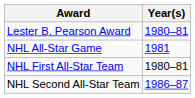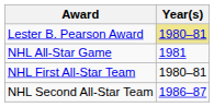 <table class="wikitable">
 <tr>
 <th>Award</th>
 <th>Year(s)</th>
 </tr>
 <tr>
 <td><a href='#'>Lester B. Pearson Award</a></td>
-<td><a href='#'>1980–81</a></td>
+<td style="background: khaki;"><a href='#'>1980–81</a></td>
 </tr>
 <tr>
 <td><a href='#'>NHL All-Star Game</a></td>
 <td><a href='#'>1981</a></td>
 </tr>
 <tr>
 <td><a href='#'>NHL First All-Star Team</a></td>
 <td>1980–81</td>
 </tr>
 <tr>
 <td>NHL Second All-Star Team</td>
 <td><a href='#'>1986–87</a></td>
 </tr>
 </table>
